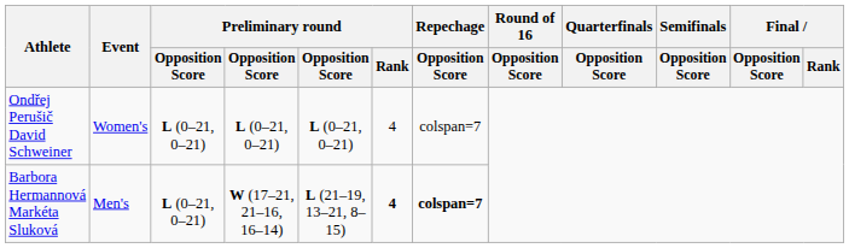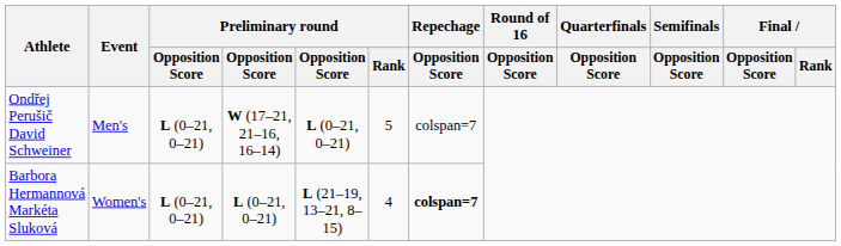 <table class=wikitable style=font-size:90%;text-align:center>
 <tr>
 <th rowspan=2>Athlete</th>
 <th rowspan=2>Event</th>
 <th colspan=4>Preliminary round</th>
 <th>Repechage</th>
 <th>Round of 16</th>
 <th>Quarterfinals</th>
 <th>Semifinals</th>
 <th colspan=2>Final / </th>
 </tr>
 <tr style=font-size:95%>
 <th>Opposition<br>Score</th>
 <th>Opposition<br>Score</th>
 <th>Opposition<br>Score</th>
 <th>Rank</th>
 <th>Opposition<br>Score</th>
 <th>Opposition<br>Score</th>
 <th>Opposition<br>Score</th>
 <th>Opposition<br>Score</th>
 <th>Opposition<br>Score</th>
 <th>Rank</th>
 </tr>
 <tr>
 <td align=left><a href='#'>Ondřej Perušič</a><br><a href='#'>David Schweiner</a></td>
-<td align=left><a href='#'>Women's</a></td>
+<td align=left><a href='#'>Men's</a></td>
 <td><br><strong>L</strong> (0–21, 0–21)</td>
+<td><br><strong>W</strong> (17–21, 21–16, 16–14)</td>
 <td><br><strong>L</strong> (0–21, 0–21)</td>
-<td><br><strong>L</strong> (0–21, 0–21)</td>
-<td>4</td>
+<td>5</td>
 <td>colspan=7 </td>
 </tr>
 <tr align=center>
 <td align=left><a href='#'>Barbora Hermannová</a><br><a href='#'>Markéta Sluková</a></td>
-<td align=left><a href='#'>Men's</a></td>
+<td align=left><a href='#'>Women's</a></td>
 <td><br><strong>L</strong> (0–21, 0–21)</td>
-<td><br><strong>W</strong> (17–21, 21–16, 16–14)</td>
+<td><br><strong>L</strong> (0–21, 0–21)</td>
 <td><br><strong>L</strong> (21–19, 13–21, 8–15)</td>
-<td><strong>4</strong></td>
+<td>4</td>
 <td><strong>colspan=7 </strong></td>
 </tr>
 </table>
